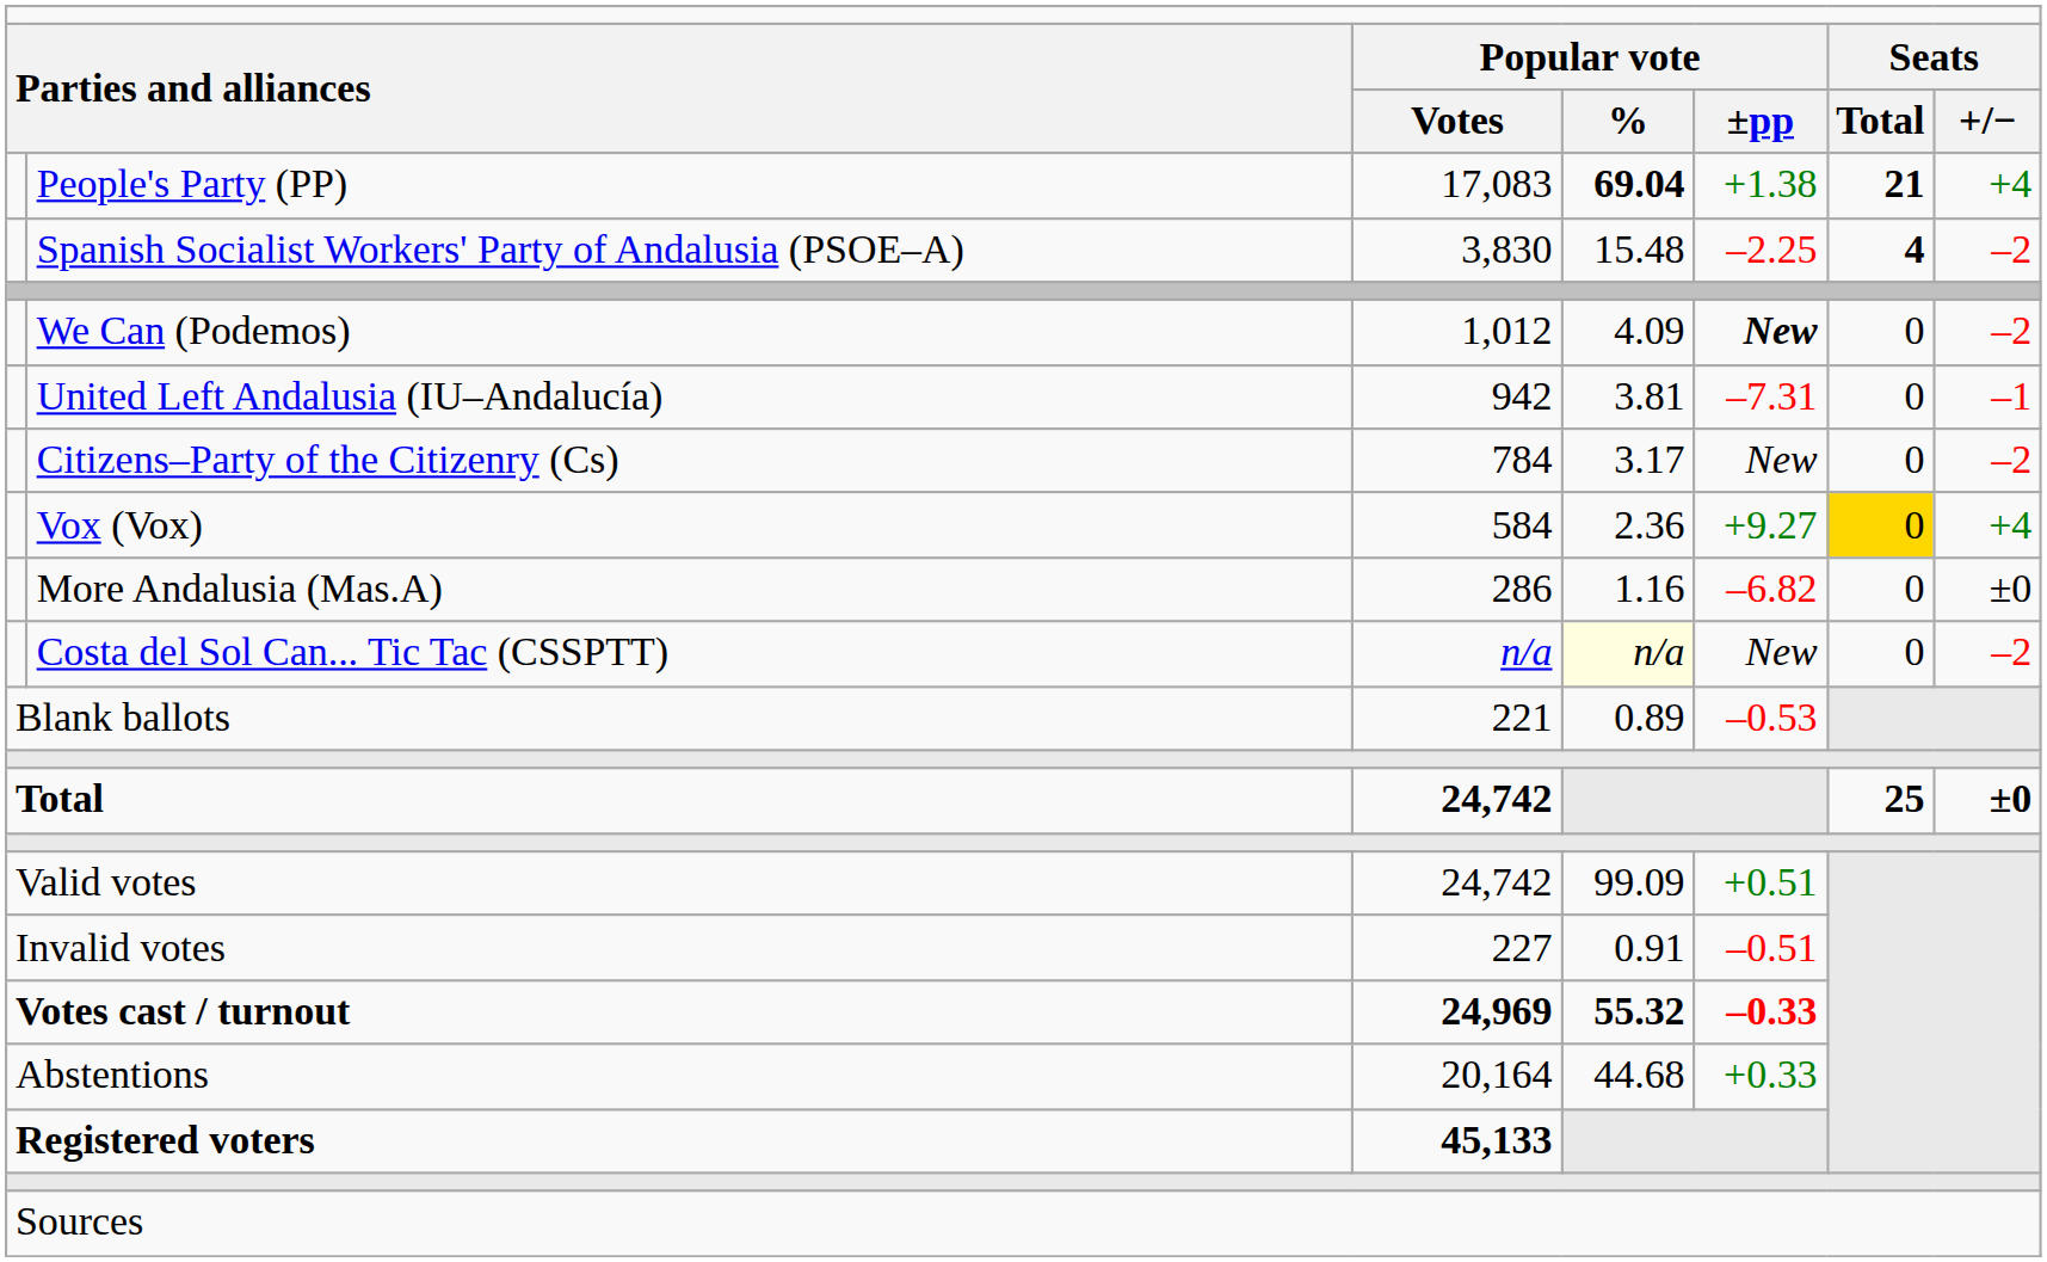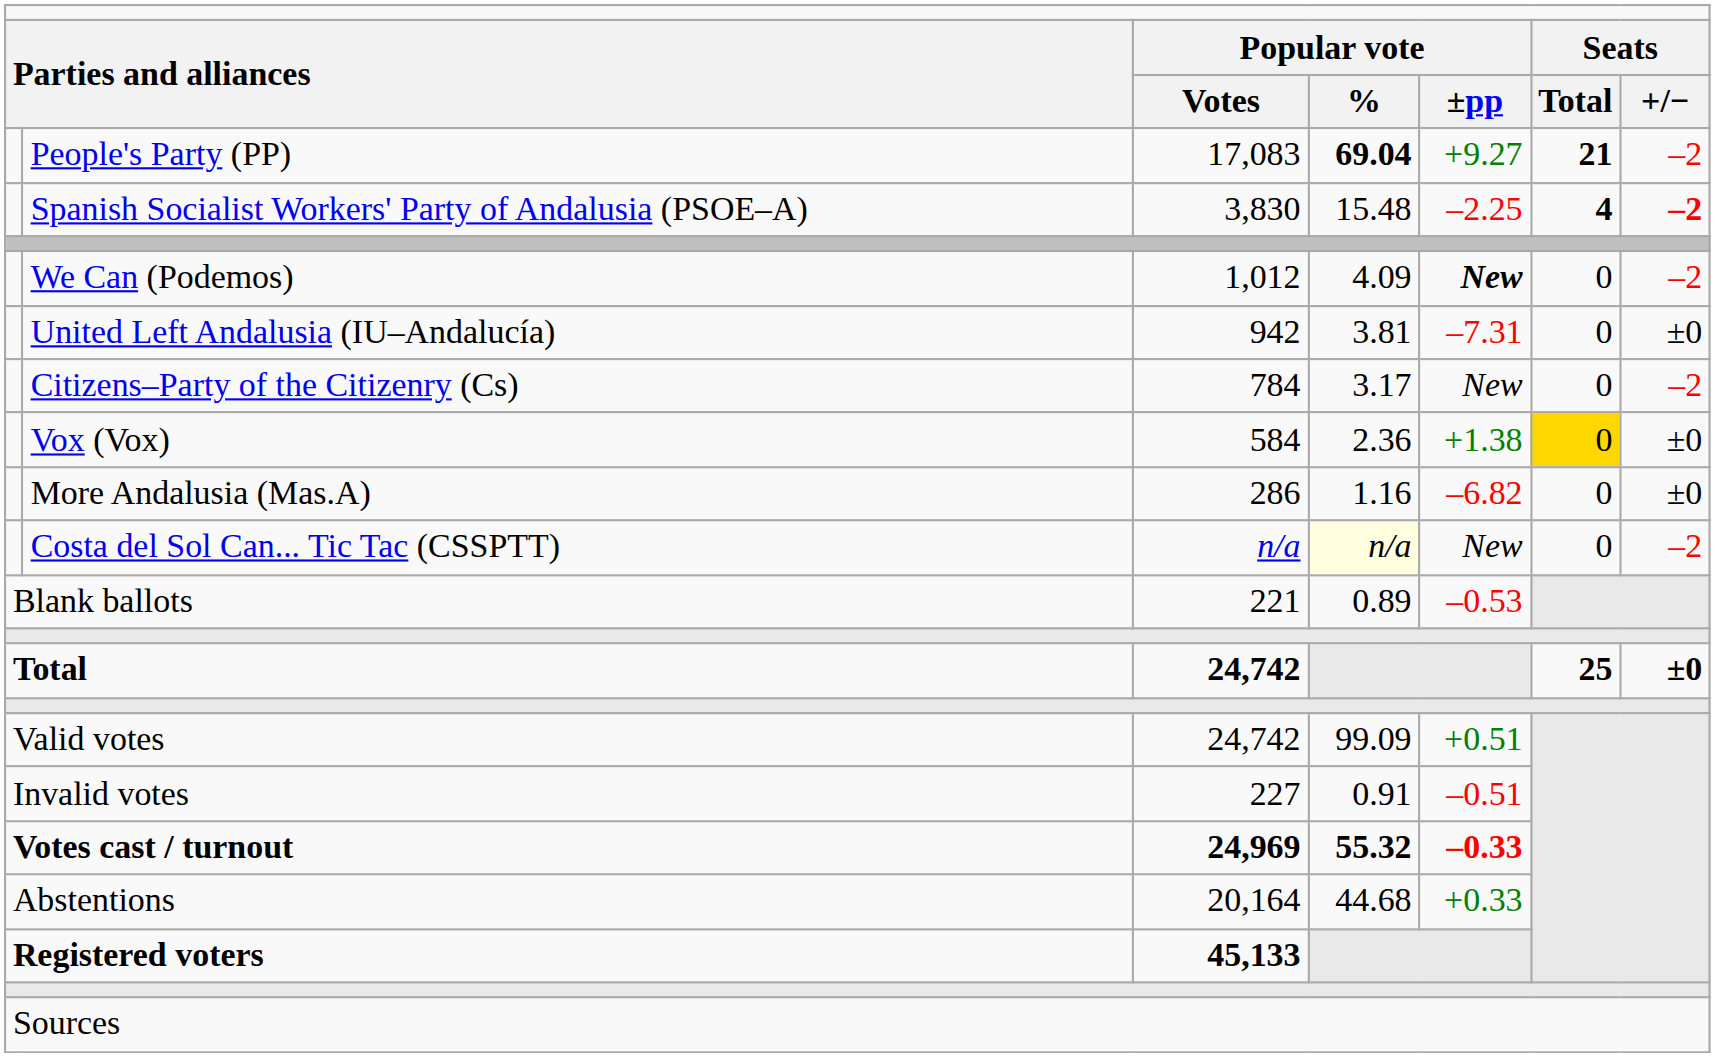 <table class="wikitable" style="text-align:right;">
 <tr>
 <td colspan="7"></td>
 </tr>
 <tr>
 <th style="text-align:left;" rowspan="2" colspan="2" width="525">Parties and alliances</th>
 <th colspan="3">Popular vote</th>
 <th colspan="2">Seats</th>
 </tr>
 <tr>
 <th width="75">Votes</th>
 <th width="45">%</th>
 <th width="45">±<a href='#'>pp</a></th>
 <th width="35">Total</th>
 <th width="35">+/−</th>
 </tr>
 <tr>
 <td width="1" style="color:inherit;background:"></td>
 <td align="left"><a href='#'>People's Party</a> (PP)</td>
 <td>17,083</td>
 <td><strong>69.04</strong></td>
-<td style="color:green;">+1.38</td>
+<td style="color:green;">+9.27</td>
 <td><strong>21</strong></td>
-<td style="color:green;">+4</td>
+<td style="color:red;">–2</td>
 </tr>
 <tr>
 <td style="color:inherit;background:"></td>
 <td align="left"><a href='#'>Spanish Socialist Workers' Party of Andalusia</a> (PSOE–A)</td>
 <td>3,830</td>
 <td>15.48</td>
 <td style="color:red;">–2.25</td>
 <td><strong>4</strong></td>
-<td style="color:red;">–2</td>
+<td style="color:red;"><strong>–2</strong></td>
 </tr>
 <tr>
 <td colspan="7" bgcolor="#C0C0C0"></td>
 </tr>
 <tr>
 <td style="color:inherit;background:"></td>
 <td align="left"><a href='#'>We Can</a> (Podemos)</td>
 <td>1,012</td>
 <td>4.09</td>
 <td><strong><em>New</em></strong></td>
 <td>0</td>
 <td style="color:red;">–2</td>
 </tr>
 <tr>
 <td style="color:inherit;background:"></td>
 <td align="left"><a href='#'>United Left Andalusia</a> (IU–Andalucía)</td>
 <td>942</td>
 <td>3.81</td>
 <td style="color:red;">–7.31</td>
 <td>0</td>
-<td style="color:red;">–1</td>
+<td>±0</td>
 </tr>
 <tr>
 <td style="color:inherit;background:"></td>
 <td align="left"><a href='#'>Citizens–Party of the Citizenry</a> (Cs)</td>
 <td>784</td>
 <td>3.17</td>
 <td><em>New</em></td>
 <td>0</td>
 <td style="color:red;">–2</td>
 </tr>
 <tr>
 <td style="color:inherit;background:"></td>
 <td align="left"><a href='#'>Vox</a> (Vox)</td>
 <td>584</td>
 <td>2.36</td>
-<td style="color:green;">+9.27</td>
+<td style="color:green;">+1.38</td>
 <td style="background: gold;">0</td>
-<td style="color:green;">+4</td>
+<td>±0</td>
 </tr>
 <tr>
 <td style="color:inherit;background:"></td>
 <td align="left">More Andalusia (Mas.A)</td>
 <td>286</td>
 <td>1.16</td>
 <td style="color:red;">–6.82</td>
 <td>0</td>
 <td>±0</td>
 </tr>
 <tr>
 <td style="color:inherit;background:"></td>
 <td align="left"><a href='#'>Costa del Sol Can... Tic Tac</a> (CSSPTT)</td>
 <td><em><a href='#'>n/a</a></em></td>
 <td style="background: lightyellow;"><em>n/a</em></td>
 <td><em>New</em></td>
 <td>0</td>
 <td style="color:red;">–2</td>
 </tr>
 <tr>
 <td align="left" colspan="2">Blank ballots</td>
 <td>221</td>
 <td>0.89</td>
 <td style="color:red;">–0.53</td>
 <td bgcolor="#E9E9E9" colspan="2"></td>
 </tr>
 <tr>
 <td colspan="7" bgcolor="#E9E9E9"></td>
 </tr>
 <tr style="font-weight:bold;">
 <td align="left" colspan="2">Total</td>
 <td>24,742</td>
 <td bgcolor="#E9E9E9" colspan="2"></td>
 <td>25</td>
 <td>±0</td>
 </tr>
 <tr>
 <td colspan="7" bgcolor="#E9E9E9"></td>
 </tr>
 <tr>
 <td align="left" colspan="2">Valid votes</td>
 <td>24,742</td>
 <td>99.09</td>
 <td style="color:green;">+0.51</td>
 <td bgcolor="#E9E9E9" colspan="2" rowspan="5"></td>
 </tr>
 <tr>
 <td align="left" colspan="2">Invalid votes</td>
 <td>227</td>
 <td>0.91</td>
 <td style="color:red;">–0.51</td>
 </tr>
 <tr style="font-weight:bold;">
 <td align="left" colspan="2">Votes cast / turnout</td>
 <td>24,969</td>
 <td>55.32</td>
 <td style="color:red;">–0.33</td>
 </tr>
 <tr>
 <td align="left" colspan="2">Abstentions</td>
 <td>20,164</td>
 <td>44.68</td>
 <td style="color:green;">+0.33</td>
 </tr>
 <tr style="font-weight:bold;">
 <td align="left" colspan="2">Registered voters</td>
 <td>45,133</td>
 <td bgcolor="#E9E9E9" colspan="2"></td>
 </tr>
 <tr>
 <td colspan="7" bgcolor="#E9E9E9"></td>
 </tr>
 <tr>
 <td align="left" colspan="7">Sources</td>
 </tr>
 </table>
